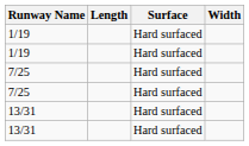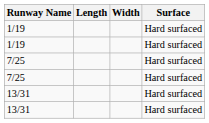 <table class="wikitable">
 <tr>
 <th>Runway Name</th>
 <th>Length</th>
+<th>Width</th>
 <th>Surface</th>
-<th>Width</th>
 </tr>
 <tr>
 <td>1/19</td>
 <td></td>
+<td></td>
 <td>Hard surfaced</td>
-<td></td>
 </tr>
 <tr>
 <td>1/19</td>
 <td></td>
+<td></td>
 <td>Hard surfaced</td>
-<td></td>
 </tr>
 <tr>
 <td>7/25</td>
 <td></td>
+<td></td>
 <td>Hard surfaced</td>
-<td></td>
 </tr>
 <tr>
 <td>7/25</td>
 <td></td>
+<td></td>
 <td>Hard surfaced</td>
-<td></td>
 </tr>
 <tr>
 <td>13/31</td>
 <td></td>
+<td></td>
 <td>Hard surfaced</td>
-<td></td>
 </tr>
 <tr>
 <td>13/31</td>
 <td></td>
+<td></td>
 <td>Hard surfaced</td>
-<td></td>
 </tr>
 </table>
